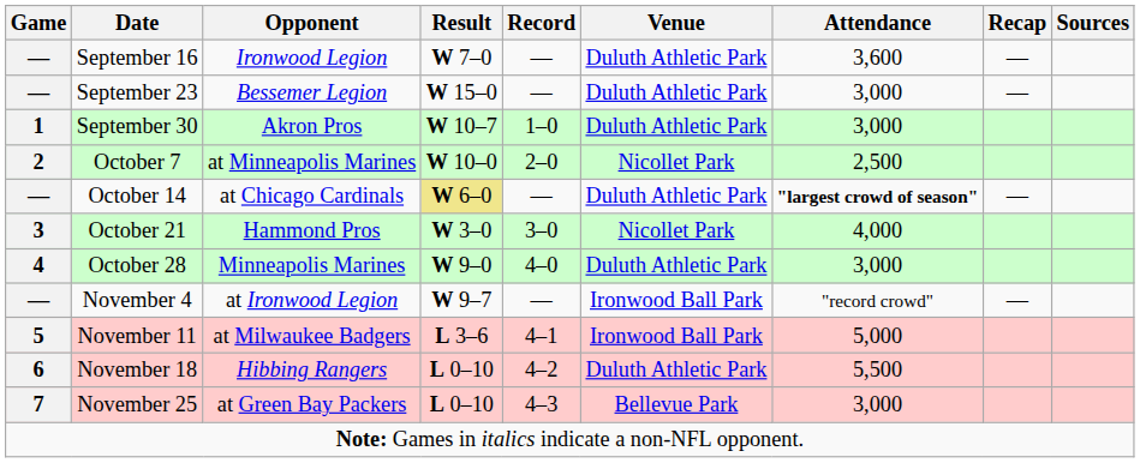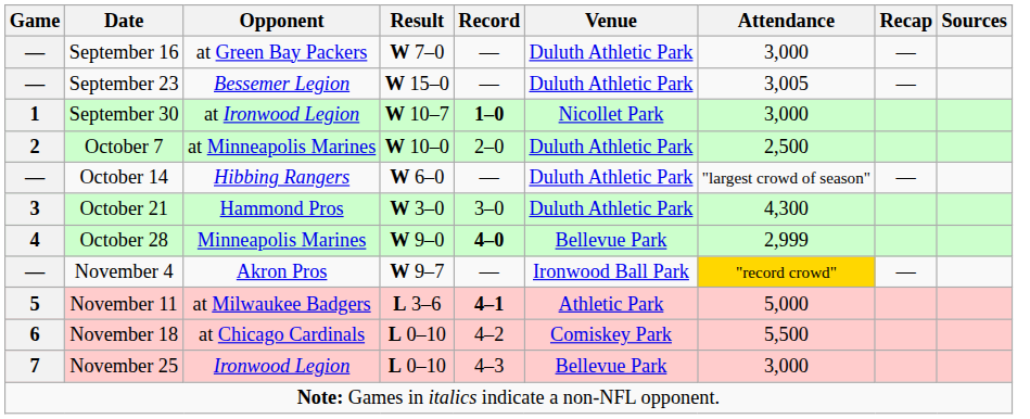 <table class="wikitable" style="text-align:center">
 <tr>
 <th>Game</th>
 <th>Date</th>
 <th>Opponent</th>
 <th>Result</th>
 <th>Record</th>
 <th>Venue</th>
 <th>Attendance</th>
 <th>Recap</th>
 <th>Sources</th>
 </tr>
 <tr>
 <th>—</th>
 <td>September 16</td>
-<td><em><a href='#'>Ironwood Legion</a></em></td>
+<td>at <a href='#'>Green Bay Packers</a></td>
 <td><strong>W</strong> 7–0</td>
 <td>—</td>
 <td><a href='#'>Duluth Athletic Park</a></td>
-<td>3,600</td>
+<td>3,000</td>
 <td>—</td>
 <td></td>
 </tr>
 <tr>
 <th>—</th>
 <td>September 23</td>
 <td><em><a href='#'>Bessemer Legion</a></em></td>
 <td><strong>W</strong> 15–0</td>
 <td>—</td>
 <td><a href='#'>Duluth Athletic Park</a></td>
-<td>3,000</td>
+<td>3,005</td>
 <td>—</td>
 <td></td>
 </tr>
 <tr style="background:#cfc">
 <th>1</th>
 <td>September 30</td>
-<td><a href='#'>Akron Pros</a></td>
+<td>at <em><a href='#'>Ironwood Legion</a></em></td>
 <td><strong>W</strong> 10–7</td>
-<td>1–0</td>
-<td><a href='#'>Duluth Athletic Park</a></td>
+<td><strong>1–0</strong></td>
+<td><a href='#'>Nicollet Park</a></td>
 <td>3,000</td>
 <td></td>
 <td></td>
 </tr>
 <tr style="background:#cfc">
 <th>2</th>
 <td>October 7</td>
 <td>at <a href='#'>Minneapolis Marines</a></td>
 <td><strong>W</strong> 10–0</td>
 <td>2–0</td>
-<td><a href='#'>Nicollet Park</a></td>
+<td><a href='#'>Duluth Athletic Park</a></td>
 <td>2,500</td>
 <td></td>
 <td></td>
 </tr>
 <tr>
 <th>—</th>
 <td>October 14</td>
-<td>at <a href='#'>Chicago Cardinals</a></td>
-<td style="background: khaki;"><strong>W</strong> 6–0</td>
+<td><em><a href='#'>Hibbing Rangers</a></em></td>
+<td><strong>W</strong> 6–0</td>
 <td>—</td>
 <td><a href='#'>Duluth Athletic Park</a></td>
-<td><strong><small>"largest crowd of season"</small></strong></td>
+<td><small>"largest crowd of season"</small></td>
 <td>—</td>
 <td></td>
 </tr>
 <tr style="background:#cfc">
 <th>3</th>
 <td>October 21</td>
 <td><a href='#'>Hammond Pros</a></td>
 <td><strong>W</strong> 3–0</td>
 <td>3–0</td>
-<td><a href='#'>Nicollet Park</a></td>
-<td>4,000</td>
+<td><a href='#'>Duluth Athletic Park</a></td>
+<td>4,300</td>
 <td></td>
 <td></td>
 </tr>
 <tr style="background:#cfc">
 <th>4</th>
 <td>October 28</td>
 <td><a href='#'>Minneapolis Marines</a></td>
 <td><strong>W</strong> 9–0</td>
-<td>4–0</td>
-<td><a href='#'>Duluth Athletic Park</a></td>
-<td>3,000</td>
+<td><strong>4–0</strong></td>
+<td><a href='#'>Bellevue Park</a></td>
+<td>2,999</td>
 <td></td>
 <td></td>
 </tr>
 <tr>
 <th>—</th>
 <td>November 4</td>
-<td>at <em><a href='#'>Ironwood Legion</a></em></td>
+<td><a href='#'>Akron Pros</a></td>
 <td><strong>W</strong> 9–7</td>
 <td>—</td>
 <td><a href='#'>Ironwood Ball Park</a></td>
-<td><small>"record crowd"</small></td>
+<td style="background: gold;"><small>"record crowd"</small></td>
 <td>—</td>
 <td></td>
 </tr>
 <tr style="background:#fcc">
 <th>5</th>
 <td>November 11</td>
 <td>at <a href='#'>Milwaukee Badgers</a></td>
 <td><strong>L</strong> 3–6</td>
-<td>4–1</td>
-<td><a href='#'>Ironwood Ball Park</a></td>
+<td><strong>4–1</strong></td>
+<td><a href='#'>Athletic Park</a></td>
 <td>5,000</td>
 <td></td>
 <td></td>
 </tr>
 <tr style="background:#fcc">
 <th>6</th>
 <td>November 18</td>
-<td><em><a href='#'>Hibbing Rangers</a></em></td>
+<td>at <a href='#'>Chicago Cardinals</a></td>
 <td><strong>L</strong> 0–10</td>
 <td>4–2</td>
-<td><a href='#'>Duluth Athletic Park</a></td>
+<td><a href='#'>Comiskey Park</a></td>
 <td>5,500</td>
 <td></td>
 <td></td>
 </tr>
 <tr style="background:#fcc">
 <th>7</th>
 <td>November 25</td>
-<td>at <a href='#'>Green Bay Packers</a></td>
+<td><em><a href='#'>Ironwood Legion</a></em></td>
 <td><strong>L</strong> 0–10</td>
 <td>4–3</td>
 <td><a href='#'>Bellevue Park</a></td>
 <td>3,000</td>
 <td></td>
 <td></td>
 </tr>
 <tr>
 <td colspan="10"><strong>Note:</strong> Games in <em>italics</em> indicate a non-NFL opponent.</td>
 </tr>
 </table>
